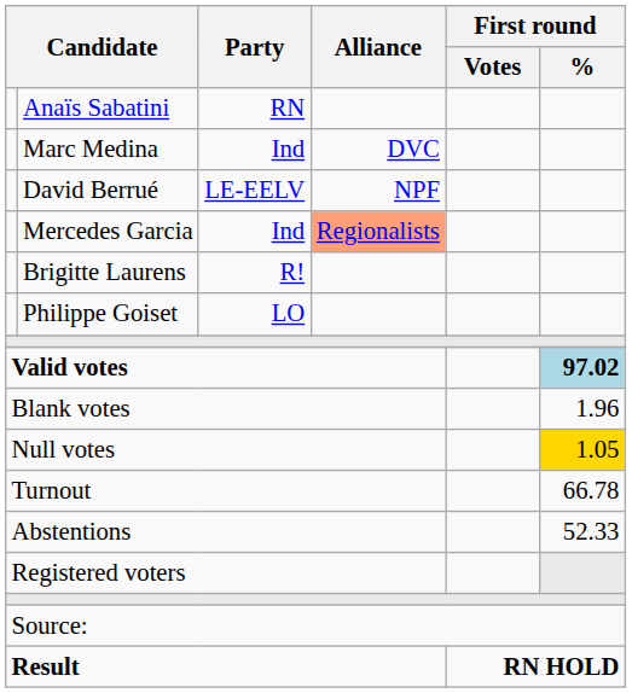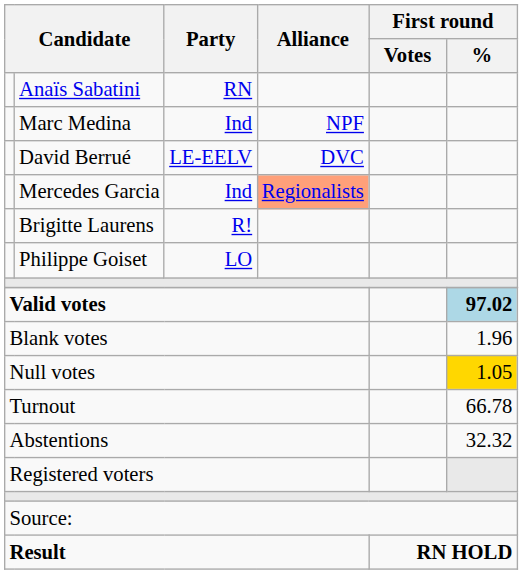 <table class="wikitable" style="text-align:right;font-size:95%;">
 <tr>
 <th colspan="2" rowspan="2">Candidate</th>
 <th colspan="1" rowspan="2">Party</th>
 <th colspan="1" rowspan="2">Alliance</th>
 <th colspan="2">First round</th>
 </tr>
 <tr>
 <th style="width:50px;">Votes</th>
 <th style="width:45px;">%</th>
 </tr>
 <tr>
 <td style="color:inherit;background:"></td>
 <td style="text-align:left;"><a href='#'>Anaïs Sabatini</a></td>
 <td><a href='#'>RN</a></td>
 <td></td>
 <td><strong></strong></td>
 <td><strong> </strong></td>
 </tr>
 <tr>
 <td style="color:inherit;background:"></td>
 <td style="text-align:left;">Marc Medina</td>
 <td><a href='#'>Ind</a></td>
-<td><a href='#'>DVC</a></td>
+<td><a href='#'>NPF</a></td>
 <td></td>
 <td></td>
 </tr>
 <tr>
 <td style="color:inherit;background:"></td>
 <td style="text-align:left;">David Berrué</td>
 <td><a href='#'>LE-EELV</a></td>
-<td><a href='#'>NPF</a></td>
+<td><a href='#'>DVC</a></td>
 <td></td>
 <td></td>
 </tr>
 <tr>
 <td style="color:inherit;background:"></td>
 <td style="text-align:left;">Mercedes Garcia</td>
 <td><a href='#'>Ind</a></td>
 <td style="background: lightsalmon;"><a href='#'>Regionalists</a></td>
 <td></td>
 <td></td>
 </tr>
 <tr>
 <td style="color:inherit;background:"></td>
 <td style="text-align:left;">Brigitte Laurens</td>
 <td><a href='#'>R!</a></td>
 <td></td>
 <td></td>
 <td></td>
 </tr>
 <tr>
 <td style="color:inherit;background:"></td>
 <td style="text-align:left;">Philippe Goiset</td>
 <td><a href='#'>LO</a></td>
 <td></td>
 <td></td>
 <td></td>
 </tr>
 <tr>
 <td colspan="8" style="background:#E9E9E9;"></td>
 </tr>
 <tr>
 </tr>
 <tr style="font-weight:bold;">
 <td colspan="4" style="text-align:left;">Valid votes</td>
 <td></td>
 <td style="background: lightblue;">97.02</td>
 </tr>
 <tr>
 <td colspan="4" style="text-align:left;">Blank votes</td>
 <td></td>
 <td>1.96</td>
 </tr>
 <tr>
 <td colspan="4" style="text-align:left;">Null votes</td>
 <td></td>
 <td style="background: gold;">1.05</td>
 </tr>
 <tr>
 <td colspan="4" style="text-align:left;">Turnout</td>
 <td></td>
 <td>66.78</td>
 </tr>
 <tr>
 <td colspan="4" style="text-align:left;">Abstentions</td>
 <td></td>
-<td>52.33</td>
+<td>32.32</td>
 </tr>
 <tr>
 <td colspan="4" style="text-align:left;">Registered voters</td>
 <td></td>
 <td style="background:#E9E9E9;"></td>
 </tr>
 <tr>
 <td colspan="8" style="background:#E9E9E9;"></td>
 </tr>
 <tr>
 <td colspan="8" style="text-align:left;">Source: </td>
 </tr>
 <tr style="font-weight:bold">
 <td colspan="4" style="text-align:left;">Result</td>
 <td colspan="4" style="background-color:">RN HOLD</td>
 </tr>
 </table>
